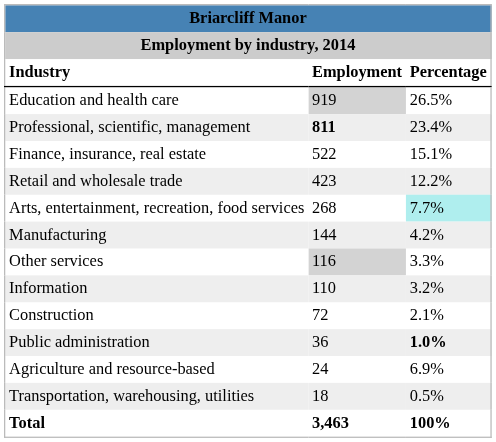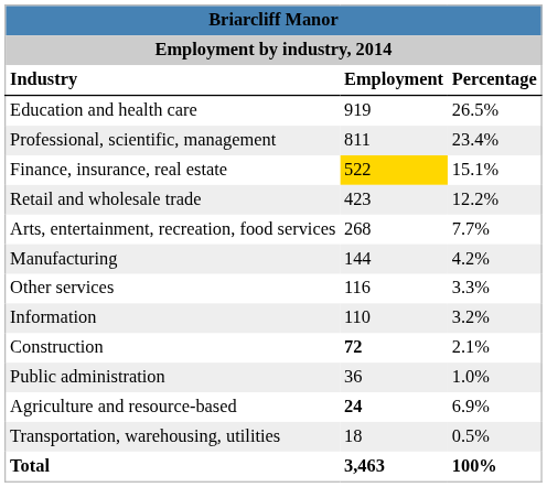 <table class="floatright" cellpadding="3" style="margin:1 1em 1em 0; border:1px #bbb solid; border-collapse:collapse; font-size:80%; text-align:left;">
 <tr style="text-align:center; background:steelblue; white-space: nowrap;">
 <th colspan=3><span><strong>Briarcliff Manor</strong></span></th>
 </tr>
 <tr style="text-align:center; background:#ccc;">
 <th colspan=3><span>Employment by industry, 2014</span></th>
 </tr>
 <tr style="text-align:center;border-bottom:solid 1px;margin-bottom:.2em;width:66%;text-align:left;color:black;font-weight:bold;">
 <td>Industry</td>
 <td>Employment</td>
 <td>Percentage</td>
 </tr>
 <tr>
 <td>Education and health care</td>
-<td style="background: lightgrey;">919</td>
+<td>919</td>
 <td>26.5%</td>
 </tr>
 <tr style="background:#eee;">
 <td>Professional, scientific, management</td>
-<td><strong>811</strong></td>
+<td>811</td>
 <td>23.4%</td>
 </tr>
 <tr>
 <td>Finance, insurance, real estate</td>
-<td>522</td>
+<td style="background: gold;">522</td>
 <td>15.1%</td>
 </tr>
 <tr style="background:#eee;">
 <td>Retail and wholesale trade</td>
 <td>423</td>
 <td>12.2%</td>
 </tr>
 <tr>
 <td>Arts, entertainment, recreation, food services</td>
 <td>268</td>
-<td style="background: paleturquoise;">7.7%</td>
+<td>7.7%</td>
 </tr>
 <tr style="background:#eee;">
 <td>Manufacturing</td>
 <td>144</td>
 <td>4.2%</td>
 </tr>
 <tr>
 <td>Other services</td>
-<td style="background: lightgrey;">116</td>
+<td>116</td>
 <td>3.3%</td>
 </tr>
 <tr style="background:#eee;">
 <td>Information</td>
 <td>110</td>
 <td>3.2%</td>
 </tr>
 <tr>
 <td>Construction</td>
-<td>72</td>
+<td><strong>72</strong></td>
 <td>2.1%</td>
 </tr>
 <tr style="background:#eee;">
 <td>Public administration</td>
 <td>36</td>
-<td><strong>1.0%</strong></td>
+<td>1.0%</td>
 </tr>
 <tr>
 <td>Agriculture and resource-based</td>
-<td>24</td>
+<td><strong>24</strong></td>
 <td>6.9%</td>
 </tr>
 <tr style="background:#eee;">
 <td>Transportation, warehousing, utilities</td>
 <td>18</td>
 <td>0.5%</td>
 </tr>
 <tr>
 <th>Total</th>
 <th>3,463</th>
 <th>100%</th>
 </tr>
 </table>
